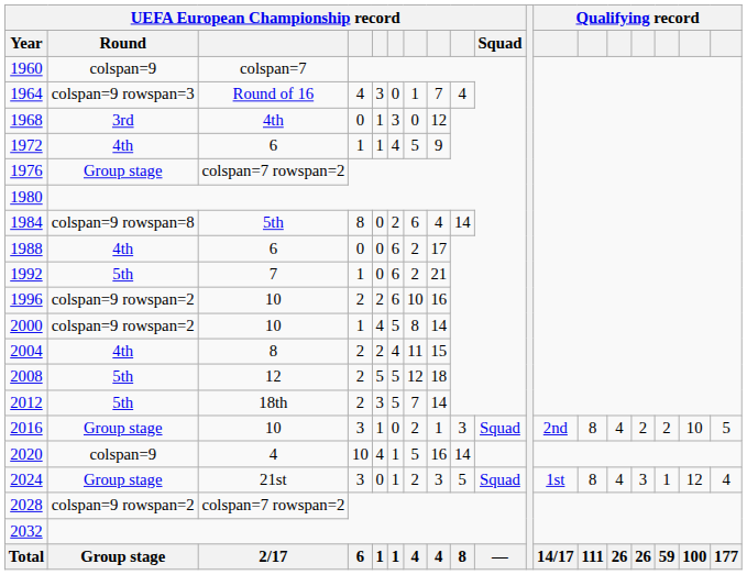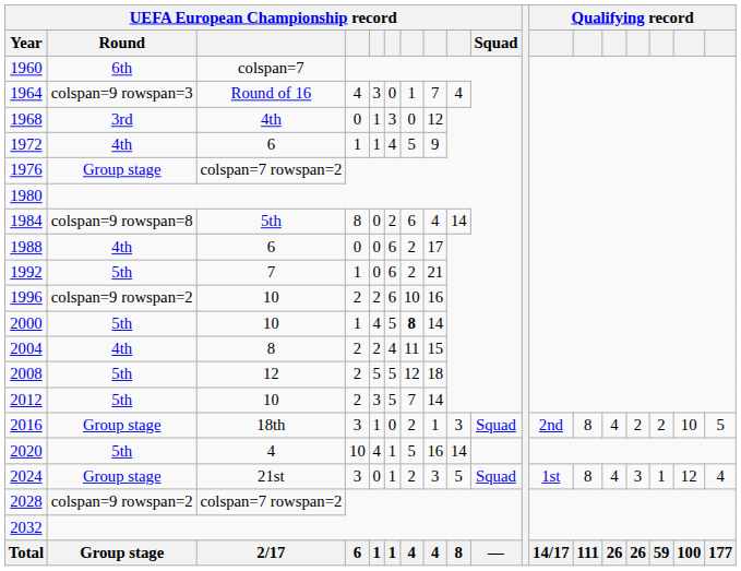 <table class="wikitable" style="text-align: center;">
 <tr>
 <th colspan=10><a href='#'>UEFA European Championship</a> record</th>
 <th rowspan=22></th>
 <th colspan=8><a href='#'>Qualifying</a> record</th>
 </tr>
 <tr>
 <th>Year</th>
 <th>Round</th>
 <th></th>
 <th></th>
 <th></th>
 <th></th>
 <th></th>
 <th></th>
 <th></th>
 <th>Squad</th>
 <th></th>
 <th></th>
 <th></th>
 <th></th>
 <th></th>
 <th></th>
 <th></th>
 </tr>
 <tr>
 <td> <a href='#'>1960</a></td>
-<td>colspan=9 </td>
+<td><a href='#'>6th</a></td>
 <td>colspan=7 </td>
 </tr>
 <tr>
 <td> <a href='#'>1964</a></td>
 <td>colspan=9 rowspan=3 </td>
 <td><a href='#'>Round of 16</a></td>
 <td>4</td>
 <td>3</td>
 <td>0</td>
 <td>1</td>
 <td>7</td>
 <td>4</td>
 </tr>
 <tr>
 <td> <a href='#'>1968</a></td>
 <td><a href='#'>3rd</a></td>
 <td><a href='#'>4th</a></td>
 <td>0</td>
 <td>1</td>
 <td>3</td>
 <td>0</td>
 <td>12</td>
 </tr>
 <tr>
 <td> <a href='#'>1972</a></td>
 <td><a href='#'>4th</a></td>
 <td>6</td>
 <td>1</td>
 <td>1</td>
 <td>4</td>
 <td>5</td>
 <td>9</td>
 </tr>
 <tr>
 <td> <a href='#'>1976</a></td>
 <td><a href='#'>Group stage</a></td>
 <td>colspan=7 rowspan=2 </td>
 </tr>
 <tr>
 <td> <a href='#'>1980</a></td>
 </tr>
 <tr>
 <td> <a href='#'>1984</a></td>
 <td>colspan=9 rowspan=8 </td>
 <td><a href='#'>5th</a></td>
 <td>8</td>
 <td>0</td>
 <td>2</td>
 <td>6</td>
 <td>4</td>
 <td>14</td>
 </tr>
 <tr>
 <td> <a href='#'>1988</a></td>
 <td><a href='#'>4th</a></td>
 <td>6</td>
 <td>0</td>
 <td>0</td>
 <td>6</td>
 <td>2</td>
 <td>17</td>
 </tr>
 <tr>
 <td> <a href='#'>1992</a></td>
 <td><a href='#'>5th</a></td>
 <td>7</td>
 <td>1</td>
 <td>0</td>
 <td>6</td>
 <td>2</td>
 <td>21</td>
 </tr>
 <tr>
 <td> <a href='#'>1996</a></td>
 <td>colspan=9 rowspan=2 </td>
 <td>10</td>
 <td>2</td>
 <td>2</td>
 <td>6</td>
 <td>10</td>
 <td>16</td>
 </tr>
 <tr>
 <td>  <a href='#'>2000</a></td>
-<td>colspan=9 rowspan=2 </td>
+<td><a href='#'>5th</a></td>
 <td>10</td>
 <td>1</td>
 <td>4</td>
 <td>5</td>
-<td>8</td>
+<td><strong>8</strong></td>
 <td>14</td>
 </tr>
 <tr>
 <td> <a href='#'>2004</a></td>
 <td><a href='#'>4th</a></td>
 <td>8</td>
 <td>2</td>
 <td>2</td>
 <td>4</td>
 <td>11</td>
 <td>15</td>
 </tr>
 <tr>
 <td>  <a href='#'>2008</a></td>
 <td><a href='#'>5th</a></td>
 <td>12</td>
 <td>2</td>
 <td>5</td>
 <td>5</td>
 <td>12</td>
 <td>18</td>
 </tr>
 <tr>
 <td>  <a href='#'>2012</a></td>
 <td><a href='#'>5th</a></td>
-<td>18th</td>
+<td>10</td>
 <td>2</td>
 <td>3</td>
 <td>5</td>
 <td>7</td>
 <td>14</td>
 </tr>
 <tr>
 <td> <a href='#'>2016</a></td>
 <td><a href='#'>Group stage</a></td>
-<td>10</td>
+<td>18th</td>
 <td>3</td>
 <td>1</td>
 <td>0</td>
 <td>2</td>
 <td>1</td>
 <td>3</td>
 <td><a href='#'>Squad</a></td>
 <td><a href='#'>2nd</a></td>
 <td>8</td>
 <td>4</td>
 <td>2</td>
 <td>2</td>
 <td>10</td>
 <td>5</td>
 </tr>
 <tr>
 <td> <a href='#'>2020</a></td>
-<td>colspan=9 </td>
+<td><a href='#'>5th</a></td>
 <td>4</td>
 <td>10</td>
 <td>4</td>
 <td>1</td>
 <td>5</td>
 <td>16</td>
 <td>14</td>
 </tr>
 <tr>
 <td> <a href='#'>2024</a></td>
 <td><a href='#'>Group stage</a></td>
 <td>21st</td>
 <td>3</td>
 <td>0</td>
 <td>1</td>
 <td>2</td>
 <td>3</td>
 <td>5</td>
 <td><a href='#'>Squad</a></td>
 <td><a href='#'>1st</a></td>
 <td>8</td>
 <td>4</td>
 <td>3</td>
 <td>1</td>
 <td>12</td>
 <td>4</td>
 </tr>
 <tr>
 <td>   <a href='#'>2028</a></td>
 <td>colspan=9 rowspan=2 </td>
 <td>colspan=7 rowspan=2 </td>
 </tr>
 <tr>
 <td>   <a href='#'>2032</a></td>
 </tr>
 <tr>
 <th>Total</th>
 <th>Group stage</th>
 <th>2/17</th>
 <th>6</th>
 <th>1</th>
 <th>1</th>
 <th>4</th>
 <th>4</th>
 <th>8</th>
 <th>—</th>
 <th>14/17</th>
 <th>111</th>
 <th>26</th>
 <th>26</th>
 <th>59</th>
 <th>100</th>
 <th>177</th>
 </tr>
 </table>
